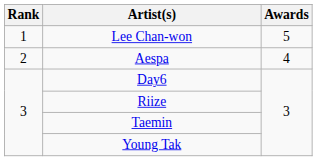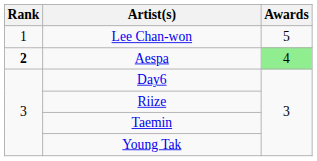 <table class="wikitable" style="text-align:center;">
 <tr>
 <th scope="col">Rank</th>
 <th width="250">Artist(s)</th>
 <th scope="col">Awards</th>
 </tr>
 <tr>
 <td>1</td>
 <td><a href='#'>Lee Chan-won</a></td>
 <td>5</td>
 </tr>
 <tr>
-<td>2</td>
+<td><strong>2</strong></td>
 <td><a href='#'>Aespa</a></td>
-<td>4</td>
+<td style="background: lightgreen;">4</td>
 </tr>
 <tr>
 <td rowspan="4">3</td>
 <td><a href='#'>Day6</a></td>
 <td rowspan="4">3</td>
 </tr>
 <tr>
 <td><a href='#'>Riize</a></td>
 </tr>
 <tr>
 <td><a href='#'>Taemin</a></td>
 </tr>
 <tr>
 <td><a href='#'>Young Tak</a></td>
 </tr>
 </table>
